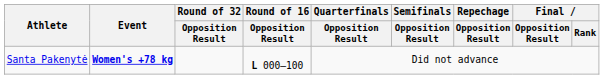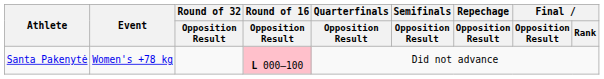 <table class="wikitable" style="font-size:90%">
 <tr>
 <th rowspan="2">Athlete</th>
 <th rowspan="2">Event</th>
 <th>Round of 32</th>
 <th>Round of 16</th>
 <th>Quarterfinals</th>
 <th>Semifinals</th>
 <th>Repechage</th>
 <th colspan=2>Final / </th>
 </tr>
 <tr style="font-size:95%">
 <th>Opposition<br>Result</th>
 <th>Opposition<br>Result</th>
 <th>Opposition<br>Result</th>
 <th>Opposition<br>Result</th>
 <th>Opposition<br>Result</th>
 <th>Opposition<br>Result</th>
 <th>Rank</th>
 </tr>
 <tr align=center>
 <td align=left><a href='#'>Santa Pakenytė</a></td>
-<td align=left><strong><a href='#'>Women's +78 kg</a></strong></td>
+<td align=left><a href='#'>Women's +78 kg</a></td>
 <td></td>
-<td><br><strong>L</strong> 000–100</td>
+<td style="background: pink;"><br><strong>L</strong> 000–100</td>
 <td colspan=5>Did not advance</td>
 </tr>
 </table>
